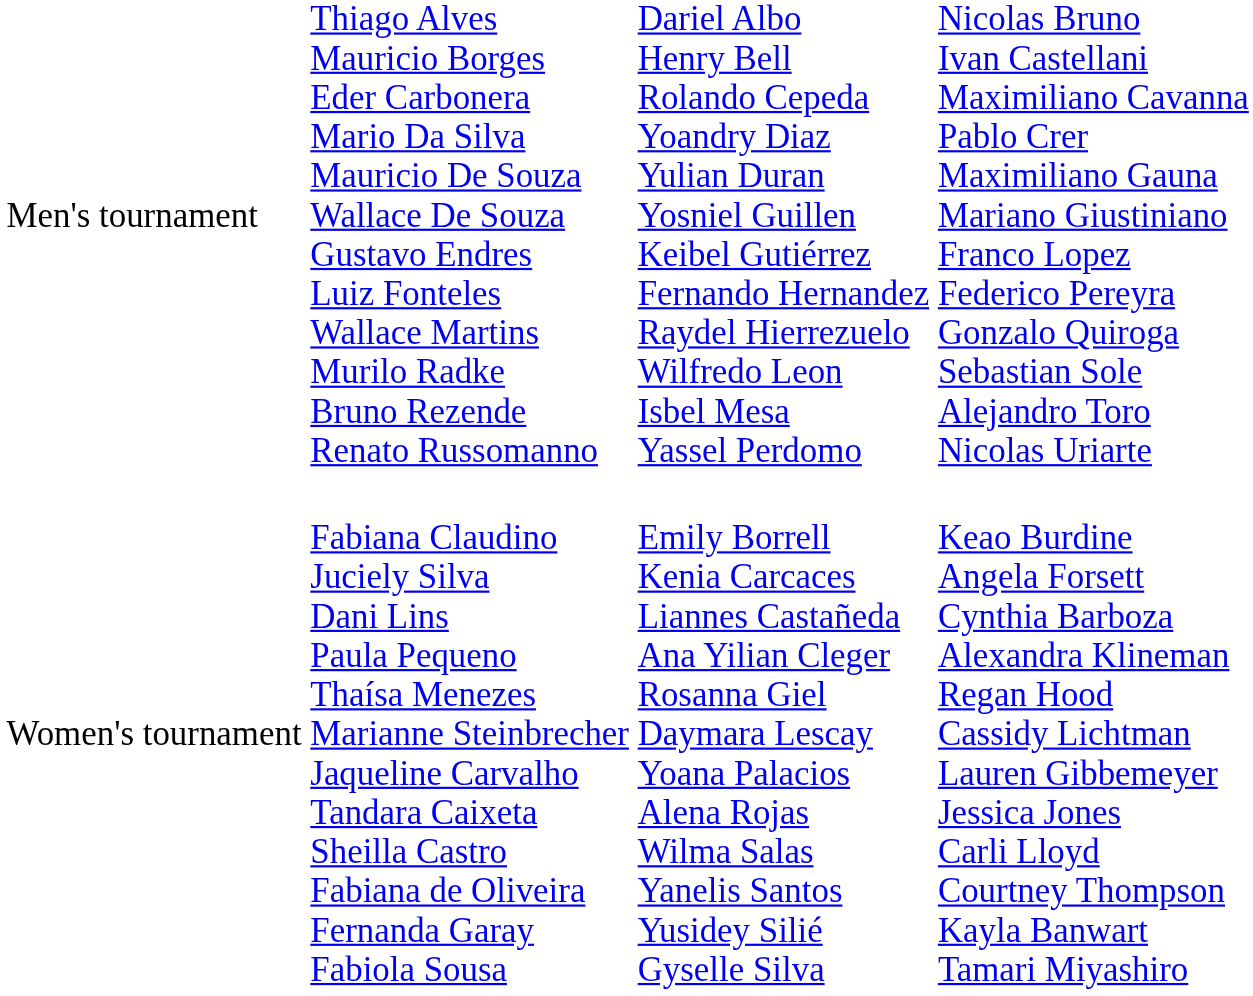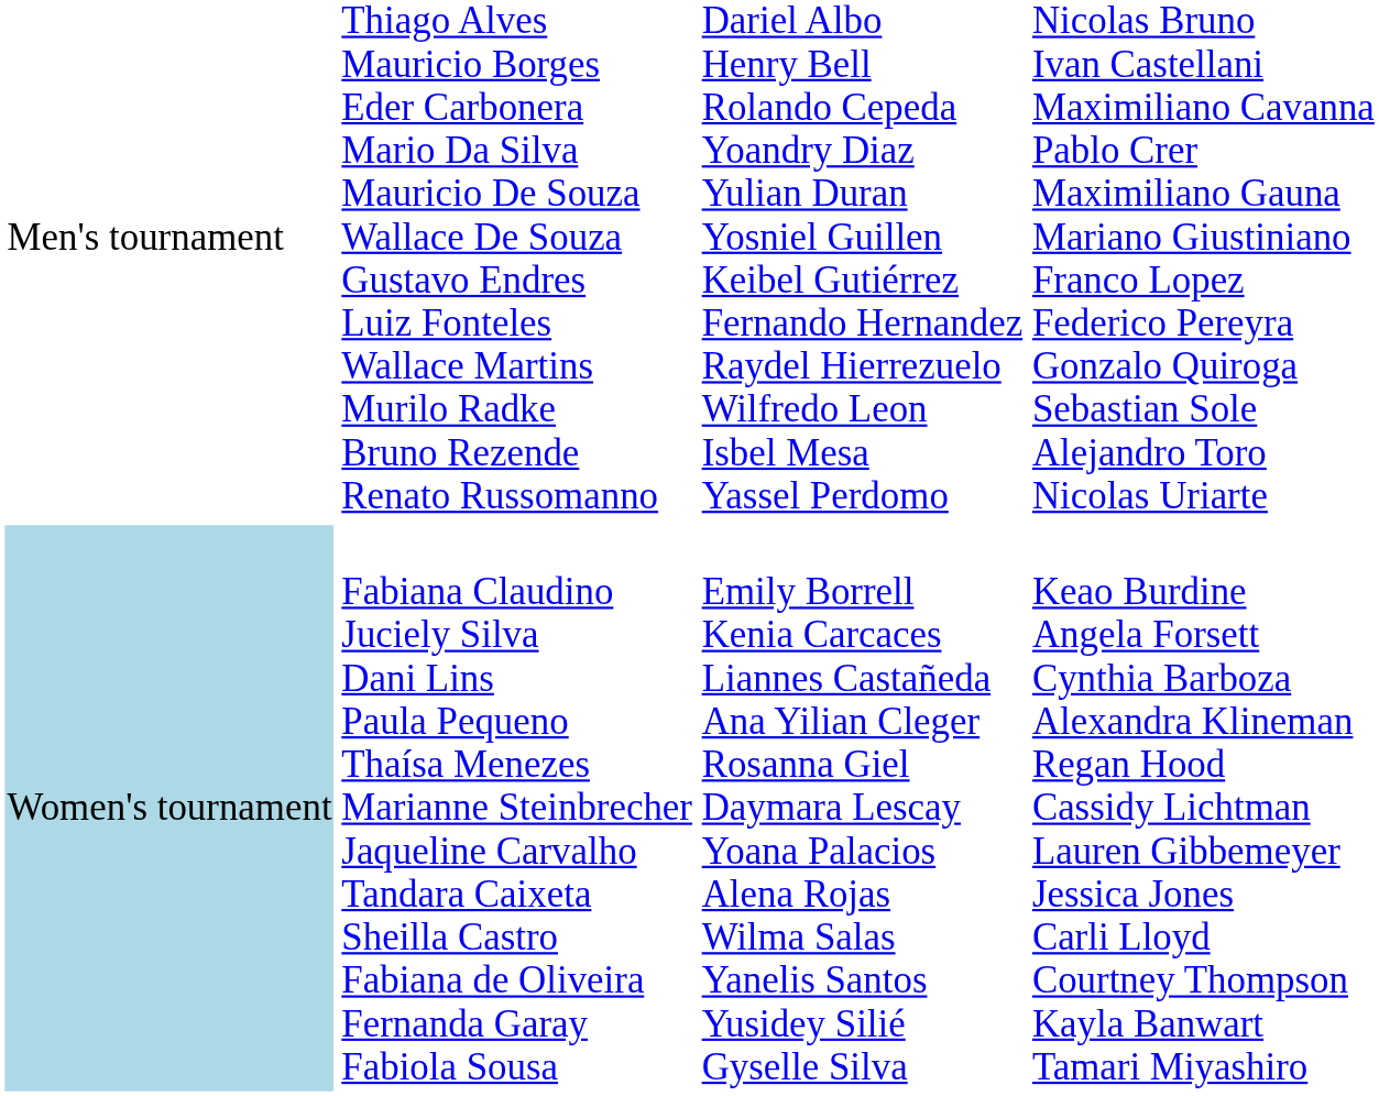 <table>
 <tr>
 <td>Men's tournament <br></td>
 <td><br><a href='#'>Thiago Alves</a><br><a href='#'>Mauricio Borges</a><br><a href='#'>Eder Carbonera</a><br><a href='#'>Mario Da Silva</a><br><a href='#'>Mauricio De Souza</a><br><a href='#'>Wallace De Souza</a><br><a href='#'>Gustavo Endres</a><br><a href='#'>Luiz Fonteles</a><br><a href='#'>Wallace Martins</a><br><a href='#'>Murilo Radke</a><br><a href='#'>Bruno Rezende</a><br><a href='#'>Renato Russomanno</a></td>
 <td><br><a href='#'>Dariel Albo</a><br><a href='#'>Henry Bell</a><br><a href='#'>Rolando Cepeda</a><br><a href='#'>Yoandry Diaz</a><br><a href='#'>Yulian Duran</a><br><a href='#'>Yosniel Guillen</a><br><a href='#'>Keibel Gutiérrez</a><br><a href='#'>Fernando Hernandez</a><br><a href='#'>Raydel Hierrezuelo</a><br><a href='#'>Wilfredo Leon</a><br><a href='#'>Isbel Mesa</a><br><a href='#'>Yassel Perdomo</a></td>
 <td><br><a href='#'>Nicolas Bruno</a><br><a href='#'>Ivan Castellani</a><br><a href='#'>Maximiliano Cavanna</a><br><a href='#'>Pablo Crer</a><br><a href='#'>Maximiliano Gauna</a><br><a href='#'>Mariano Giustiniano</a><br><a href='#'>Franco Lopez</a><br><a href='#'>Federico Pereyra</a><br><a href='#'>Gonzalo Quiroga</a><br><a href='#'>Sebastian Sole</a><br><a href='#'>Alejandro Toro</a><br><a href='#'>Nicolas Uriarte</a></td>
 </tr>
 <tr>
-<td>Women's tournament <br></td>
+<td style="background: lightblue;">Women's tournament <br></td>
 <td><br><a href='#'>Fabiana Claudino</a><br><a href='#'>Juciely Silva</a><br><a href='#'>Dani Lins</a><br><a href='#'>Paula Pequeno</a><br><a href='#'>Thaísa Menezes</a><br><a href='#'>Marianne Steinbrecher</a><br><a href='#'>Jaqueline Carvalho</a><br><a href='#'>Tandara Caixeta</a><br><a href='#'>Sheilla Castro</a><br><a href='#'>Fabiana de Oliveira</a><br><a href='#'>Fernanda Garay</a><br><a href='#'>Fabiola Sousa</a></td>
 <td><br><a href='#'>Emily Borrell</a><br><a href='#'>Kenia Carcaces</a><br><a href='#'>Liannes Castañeda</a><br><a href='#'>Ana Yilian Cleger</a><br><a href='#'>Rosanna Giel</a><br><a href='#'>Daymara Lescay</a><br><a href='#'>Yoana Palacios</a><br><a href='#'>Alena Rojas</a><br><a href='#'>Wilma Salas</a><br><a href='#'>Yanelis Santos</a><br><a href='#'>Yusidey Silié</a><br><a href='#'>Gyselle Silva</a></td>
 <td><br><a href='#'>Keao Burdine</a><br><a href='#'>Angela Forsett</a><br><a href='#'>Cynthia Barboza</a><br><a href='#'>Alexandra Klineman</a><br><a href='#'>Regan Hood</a><br><a href='#'>Cassidy Lichtman</a><br><a href='#'>Lauren Gibbemeyer</a><br><a href='#'>Jessica Jones</a><br><a href='#'>Carli Lloyd</a><br><a href='#'>Courtney Thompson</a><br><a href='#'>Kayla Banwart</a><br><a href='#'>Tamari Miyashiro</a></td>
 </tr>
 </table>
